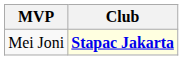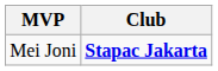 <table class="wikitable">
 <tr>
 <th>MVP</th>
 <th>Club</th>
 </tr>
 <tr>
 <td> Mei Joni</td>
-<td style="background: lightyellow;"><a href='#'><strong>Stapac Jakarta</strong></a></td>
+<td><a href='#'><strong>Stapac Jakarta</strong></a></td>
 </tr>
 </table>
